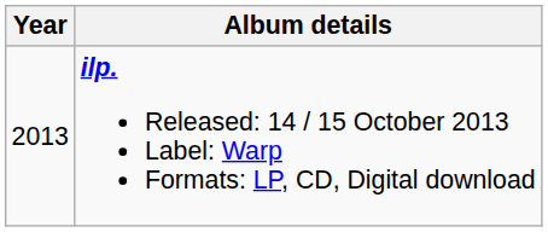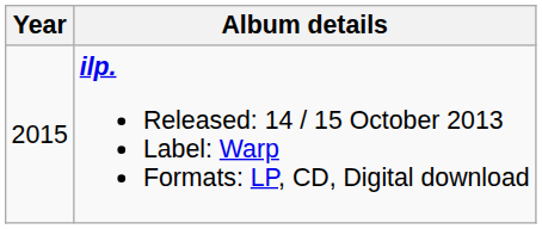 <table class="wikitable" style="text-align:center;">
 <tr>
 <th>Year</th>
 <th>Album details</th>
 </tr>
 <tr>
-<td rowspan="1">2013</td>
+<td rowspan="1">2015</td>
 <td align="left"><strong><em><a href='#'>ilp.</a></em></strong><br><ul><li>Released: 14 / 15 October 2013</li><li>Label: <a href='#'>Warp</a></li><li>Formats: <a href='#'>LP</a>, CD, Digital download</li></ul></td>
 </tr>
 </table>
